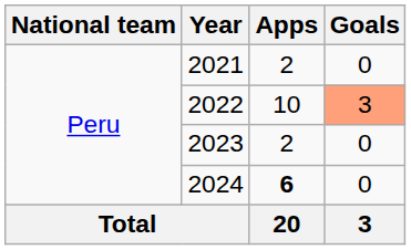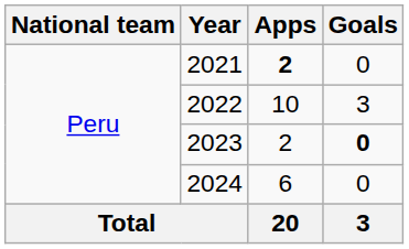 <table class="wikitable" style="text-align:center">
 <tr>
 <th>National team</th>
 <th>Year</th>
 <th>Apps</th>
 <th>Goals</th>
 </tr>
 <tr>
 <td rowspan="4"><a href='#'>Peru</a></td>
 <td>2021</td>
-<td>2</td>
+<td><strong>2</strong></td>
 <td>0</td>
 </tr>
 <tr>
 <td>2022</td>
 <td>10</td>
-<td style="background: lightsalmon;">3</td>
+<td>3</td>
 </tr>
 <tr>
 <td>2023</td>
 <td>2</td>
-<td>0</td>
+<td><strong>0</strong></td>
 </tr>
 <tr>
 <td>2024</td>
-<td><strong>6</strong></td>
+<td>6</td>
 <td>0</td>
 </tr>
 <tr>
 <th colspan="2">Total</th>
 <th>20</th>
 <th>3</th>
 </tr>
 </table>
